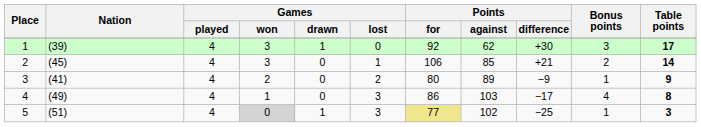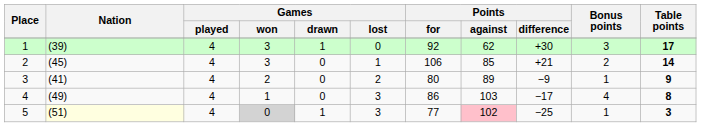 <table class="wikitable">
 <tr>
 <th rowspan=2 width="6%">Place</th>
 <th rowspan=2 width="20%">Nation</th>
 <th colspan=4 width="40%">Games</th>
 <th colspan=3 width="24%">Points</th>
 <th rowspan=2 width="10%">Bonus<br>points</th>
 <th rowspan=2 width="10%">Table<br>points</th>
 </tr>
 <tr>
 <th width="8%">played</th>
 <th width="8%">won</th>
 <th width="8%">drawn</th>
 <th width="8%">lost</th>
 <th width="8%">for</th>
 <th width="8%">against</th>
 <th width="8%">difference</th>
 </tr>
 <tr>
 </tr>
 <tr align=center bgcolor="#ccffcc">
 <td>1</td>
 <td align=left> (39)</td>
 <td>4</td>
 <td>3</td>
 <td>1</td>
 <td>0</td>
 <td>92</td>
 <td>62</td>
 <td>+30</td>
 <td>3</td>
 <td><strong>17</strong></td>
 </tr>
 <tr align=center>
 <td>2</td>
 <td align=left> (45)</td>
 <td>4</td>
 <td>3</td>
 <td>0</td>
 <td>1</td>
 <td>106</td>
 <td>85</td>
 <td>+21</td>
 <td>2</td>
 <td><strong>14</strong></td>
 </tr>
 <tr align=center>
 <td>3</td>
 <td align=left> (41)</td>
 <td>4</td>
 <td>2</td>
 <td>0</td>
 <td>2</td>
 <td>80</td>
 <td>89</td>
 <td>−9</td>
 <td>1</td>
 <td><strong>9</strong></td>
 </tr>
 <tr align=center>
 <td>4</td>
 <td align=left> (49)</td>
 <td>4</td>
 <td>1</td>
 <td>0</td>
 <td>3</td>
 <td>86</td>
 <td>103</td>
 <td>−17</td>
 <td>4</td>
 <td><strong>8</strong></td>
 </tr>
 <tr align=center>
 <td>5</td>
-<td align=left> (51)</td>
+<td align=left style="background: lightyellow;"> (51)</td>
 <td>4</td>
 <td style="background: lightgrey;">0</td>
 <td>1</td>
 <td>3</td>
-<td style="background: khaki;">77</td>
-<td>102</td>
+<td>77</td>
+<td style="background: pink;">102</td>
 <td>−25</td>
 <td>1</td>
 <td><strong>3</strong></td>
 </tr>
 </table>
